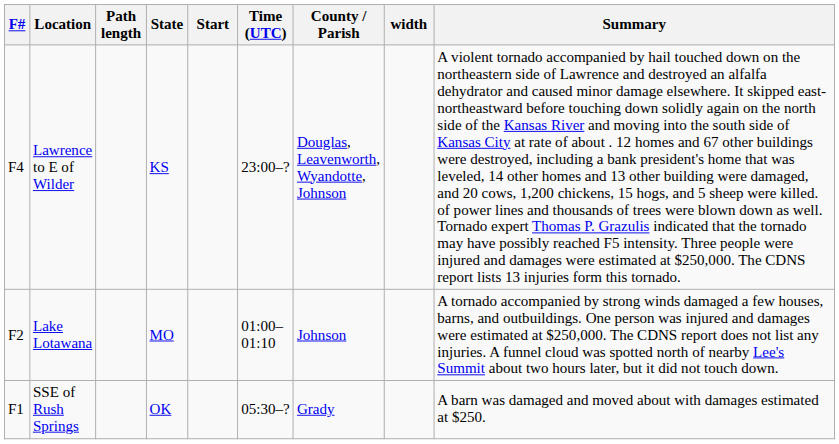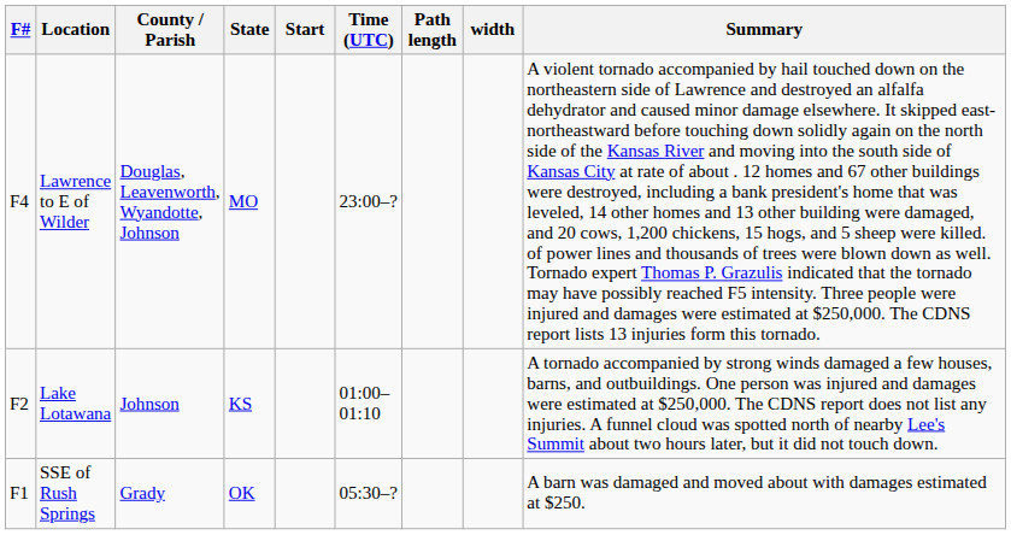 <table class="wikitable sortable" style="width:100%;">
 <tr>
 <th scope="col"  style="width:3%; text-align:center;"><a href='#'>F#</a></th>
 <th scope="col"  style="width:7%; text-align:center;" class="unsortable">Location</th>
-<th scope="col"  style="width:6%; text-align:center;">Path length</th>
+<th scope="col"  style="width:6%; text-align:center;" class="unsortable">County / Parish</th>
 <th scope="col"  style="width:5%; text-align:center;">State</th>
 <th scope="col"  style="width:6%; text-align:center;">Start<br></th>
 <th scope="col"  style="width:6%; text-align:center;">Time (<a href='#'>UTC</a>)</th>
-<th scope="col"  style="width:6%; text-align:center;" class="unsortable">County / Parish</th>
+<th scope="col"  style="width:6%; text-align:center;">Path length</th>
 <th scope="col"  style="width:6%; text-align:center;"> width</th>
 <th scope="col" class="unsortable" style="width:48%; text-align:center;">Summary</th>
 </tr>
 <tr>
 <td>F4</td>
 <td><a href='#'>Lawrence</a> to E of <a href='#'>Wilder</a></td>
-<td></td>
-<td><a href='#'>KS</a></td>
+<td><a href='#'>Douglas</a>, <a href='#'>Leavenworth</a>, <a href='#'>Wyandotte</a>, <a href='#'>Johnson</a></td>
+<td><a href='#'>MO</a></td>
 <td></td>
 <td>23:00–?</td>
-<td><a href='#'>Douglas</a>, <a href='#'>Leavenworth</a>, <a href='#'>Wyandotte</a>, <a href='#'>Johnson</a></td>
+<td></td>
 <td></td>
 <td>A violent tornado accompanied by hail touched down on the northeastern side of Lawrence and destroyed an alfalfa dehydrator and caused minor damage elsewhere. It skipped east-northeastward before touching down solidly again on the north side of the <a href='#'>Kansas River</a> and moving into the south side of <a href='#'>Kansas City</a> at rate of about . 12 homes and 67 other buildings were destroyed, including a bank president's home that was leveled, 14 other homes and 13 other building were damaged, and 20 cows, 1,200 chickens, 15 hogs, and 5 sheep were killed.  of power lines and thousands of trees were blown down as well. Tornado expert <a href='#'>Thomas P. Grazulis</a> indicated that the tornado may have possibly reached F5 intensity. Three people were injured and damages were estimated at $250,000. The CDNS report lists 13 injuries form this tornado.</td>
 </tr>
 <tr>
 <td>F2</td>
 <td><a href='#'>Lake Lotawana</a></td>
-<td></td>
-<td><a href='#'>MO</a></td>
+<td><a href='#'>Johnson</a></td>
+<td><a href='#'>KS</a></td>
 <td></td>
 <td>01:00–01:10</td>
-<td><a href='#'>Johnson</a></td>
+<td></td>
 <td></td>
 <td>A tornado accompanied by strong winds damaged a few houses, barns, and outbuildings. One person was injured and damages were estimated at $250,000. The CDNS report does not list any injuries. A funnel cloud was spotted north of nearby <a href='#'>Lee's Summit</a> about two hours later, but it did not touch down.</td>
 </tr>
 <tr>
 <td>F1</td>
 <td>SSE of <a href='#'>Rush Springs</a></td>
-<td></td>
+<td><a href='#'>Grady</a></td>
 <td><a href='#'>OK</a></td>
 <td></td>
 <td>05:30–?</td>
-<td><a href='#'>Grady</a></td>
+<td></td>
 <td></td>
 <td>A barn was damaged and moved about  with damages estimated at $250.</td>
 </tr>
 </table>
